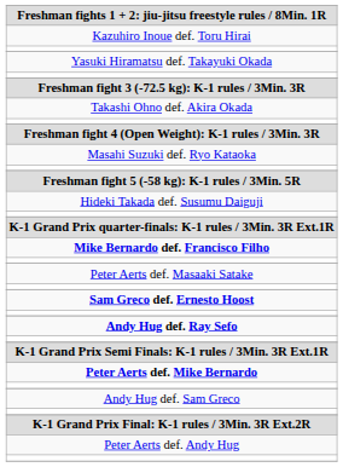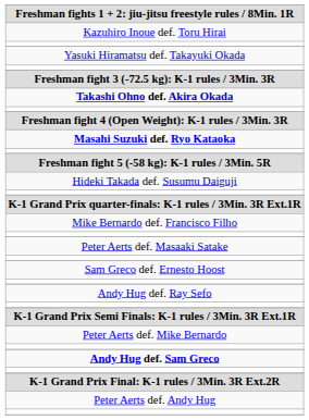 <table class="wikitable" style="clear:both; margin:1.5em auto; text-align:center;">
 <tr>
 </tr>
 <tr align="center"  bgcolor="#dddddd">
 <td><strong>Freshman fights 1 + 2: jiu-jitsu freestyle rules / 8Min. 1R</strong></td>
 </tr>
 <tr align="center"  bgcolor=>
 <td align=center> <a href='#'>Kazuhiro Inoue</a> def. <a href='#'>Toru Hirai</a> </td>
 </tr>
 <tr>
 <th style=background:white colspan=2></th>
 </tr>
 <tr>
 </tr>
 <tr align="center"  bgcolor=>
 <td align=center> <a href='#'>Yasuki Hiramatsu</a> def. <a href='#'>Takayuki Okada</a> </td>
 </tr>
 <tr>
 <th style=background:white colspan=2></th>
 </tr>
 <tr>
 </tr>
 <tr align="center"  bgcolor="#dddddd">
 <td><strong>Freshman fight 3 (-72.5 kg): K-1 rules / 3Min. 3R</strong></td>
 </tr>
 <tr align="center"  bgcolor=>
-<td align=center> <a href='#'>Takashi Ohno</a> def. <a href='#'>Akira Okada</a> </td>
+<td align=center><strong> <a href='#'>Takashi Ohno</a> def. <a href='#'>Akira Okada</a> </strong></td>
 </tr>
 <tr>
 <th style=background:white colspan=2></th>
 </tr>
 <tr>
 </tr>
 <tr align="center"  bgcolor="#dddddd">
 <td><strong>Freshman fight 4 (Open Weight): K-1 rules / 3Min. 3R</strong></td>
 </tr>
 <tr align="center"  bgcolor=>
-<td align=center> <a href='#'>Masahi Suzuki</a> def. <a href='#'>Ryo Kataoka</a> </td>
+<td align=center><strong> <a href='#'>Masahi Suzuki</a> def. <a href='#'>Ryo Kataoka</a> </strong></td>
 </tr>
 <tr>
 <th style=background:white colspan=2></th>
 </tr>
 <tr>
 </tr>
 <tr align="center"  bgcolor="#dddddd">
 <td><strong>Freshman fight 5 (-58 kg): K-1 rules / 3Min. 5R</strong></td>
 </tr>
 <tr align="center"  bgcolor=>
 <td align=center> <a href='#'>Hideki Takada</a> def. <a href='#'>Susumu Daiguji</a> </td>
 </tr>
 <tr>
 <th style=background:white colspan=2></th>
 </tr>
 <tr>
 </tr>
 <tr align="center"  bgcolor="#dddddd">
 <td><strong>K-1 Grand Prix quarter-finals: K-1 rules / 3Min. 3R Ext.1R</strong></td>
 </tr>
 <tr align="center"  bgcolor=>
-<td align=center><strong> <a href='#'>Mike Bernardo</a> def. <a href='#'>Francisco Filho</a> </strong></td>
+<td align=center> <a href='#'>Mike Bernardo</a> def. <a href='#'>Francisco Filho</a> </td>
 </tr>
 <tr>
 <th style=background:white colspan=2></th>
 </tr>
 <tr>
 </tr>
 <tr align="center"  bgcolor=>
 <td align=center> <a href='#'>Peter Aerts</a> def. <a href='#'>Masaaki Satake</a> </td>
 </tr>
 <tr>
 <th style=background:white colspan=2></th>
 </tr>
 <tr>
 </tr>
 <tr align="center"  bgcolor=>
-<td align=center><strong> <a href='#'>Sam Greco</a> def. <a href='#'>Ernesto Hoost</a> </strong></td>
+<td align=center> <a href='#'>Sam Greco</a> def. <a href='#'>Ernesto Hoost</a> </td>
 </tr>
 <tr>
 <th style=background:white colspan=2></th>
 </tr>
 <tr>
 </tr>
 <tr align="center"  bgcolor=>
-<td align=center><strong> <a href='#'>Andy Hug</a> def. <a href='#'>Ray Sefo</a> </strong></td>
+<td align=center> <a href='#'>Andy Hug</a> def. <a href='#'>Ray Sefo</a> </td>
 </tr>
 <tr>
 <th style=background:white colspan=2></th>
 </tr>
 <tr>
 </tr>
 <tr align="center"  bgcolor="#dddddd">
 <td><strong>K-1 Grand Prix Semi Finals: K-1 rules / 3Min. 3R Ext.1R</strong></td>
 </tr>
 <tr align="center"  bgcolor=>
-<td align=center><strong> <a href='#'>Peter Aerts</a> def. <a href='#'>Mike Bernardo</a> </strong></td>
+<td align=center> <a href='#'>Peter Aerts</a> def. <a href='#'>Mike Bernardo</a> </td>
 </tr>
 <tr>
 <th style=background:white colspan=2></th>
 </tr>
 <tr>
 </tr>
 <tr align="center"  bgcolor=>
-<td align=center> <a href='#'>Andy Hug</a> def. <a href='#'>Sam Greco</a> </td>
+<td align=center><strong> <a href='#'>Andy Hug</a> def. <a href='#'>Sam Greco</a> </strong></td>
 </tr>
 <tr>
 <th style=background:white colspan=2></th>
 </tr>
 <tr>
 </tr>
 <tr align="center"  bgcolor="#dddddd">
 <td><strong>K-1 Grand Prix Final: K-1 rules / 3Min. 3R Ext.2R</strong></td>
 </tr>
 <tr align="center"  bgcolor=>
 <td align=center> <a href='#'>Peter Aerts</a> def. <a href='#'>Andy Hug</a> </td>
 </tr>
 <tr>
 <th style=background:white colspan=2></th>
 </tr>
 <tr>
 </tr>
 </table>
